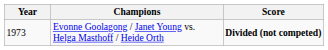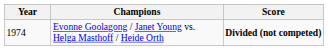 <table class="wikitable">
 <tr>
 <th width="70">Year</th>
 <th width="280">Champions</th>
 <th width="160">Score</th>
 </tr>
 <tr>
-<td>1973</td>
+<td>1974</td>
 <td> <a href='#'>Evonne Goolagong</a> /  <a href='#'>Janet Young</a> vs.<br> <a href='#'>Helga Masthoff</a> /  <a href='#'>Heide Orth</a></td>
 <td><strong>Divided (not competed)</strong></td>
 </tr>
 </table>
